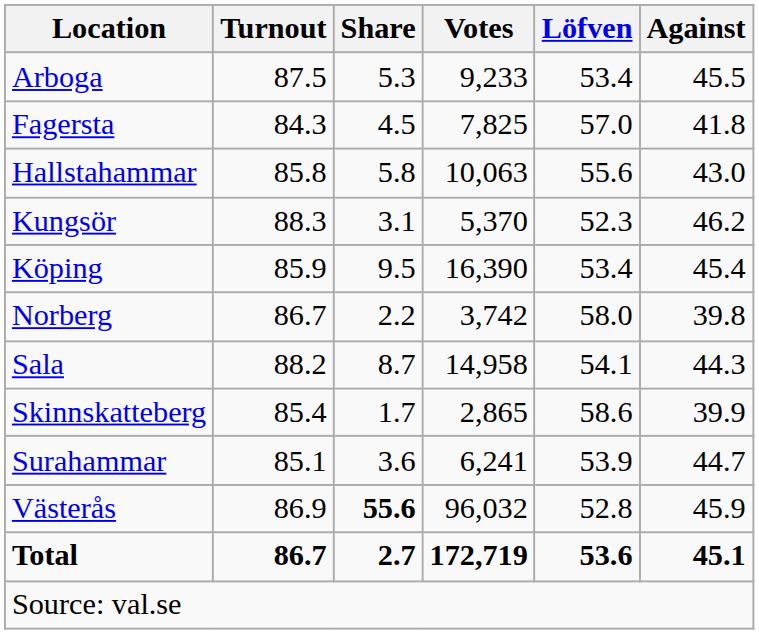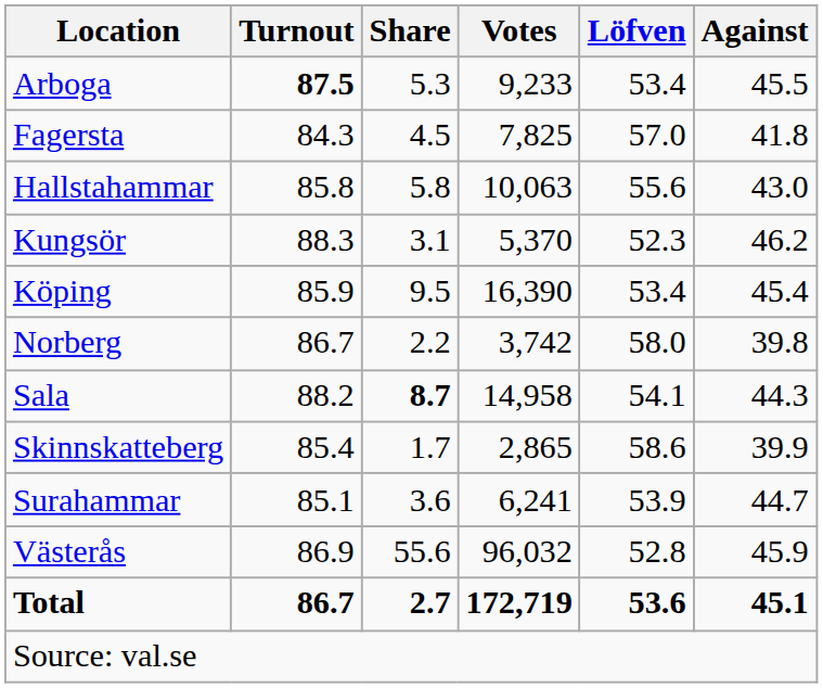 <table class="wikitable sortable" style=text-align:right>
 <tr>
 <th>Location</th>
 <th>Turnout</th>
 <th>Share</th>
 <th>Votes</th>
 <th><a href='#'>Löfven</a></th>
 <th>Against</th>
 </tr>
 <tr>
 <td align=left><a href='#'>Arboga</a></td>
-<td>87.5</td>
+<td><strong>87.5</strong></td>
 <td>5.3</td>
 <td>9,233</td>
 <td>53.4</td>
 <td>45.5</td>
 </tr>
 <tr>
 <td align=left><a href='#'>Fagersta</a></td>
 <td>84.3</td>
 <td>4.5</td>
 <td>7,825</td>
 <td>57.0</td>
 <td>41.8</td>
 </tr>
 <tr>
 <td align=left><a href='#'>Hallstahammar</a></td>
 <td>85.8</td>
 <td>5.8</td>
 <td>10,063</td>
 <td>55.6</td>
 <td>43.0</td>
 </tr>
 <tr>
 <td align=left><a href='#'>Kungsör</a></td>
 <td>88.3</td>
 <td>3.1</td>
 <td>5,370</td>
 <td>52.3</td>
 <td>46.2</td>
 </tr>
 <tr>
 <td align=left><a href='#'>Köping</a></td>
 <td>85.9</td>
 <td>9.5</td>
 <td>16,390</td>
 <td>53.4</td>
 <td>45.4</td>
 </tr>
 <tr>
 <td align=left><a href='#'>Norberg</a></td>
 <td>86.7</td>
 <td>2.2</td>
 <td>3,742</td>
 <td>58.0</td>
 <td>39.8</td>
 </tr>
 <tr>
 <td align=left><a href='#'>Sala</a></td>
 <td>88.2</td>
-<td>8.7</td>
+<td><strong>8.7</strong></td>
 <td>14,958</td>
 <td>54.1</td>
 <td>44.3</td>
 </tr>
 <tr>
 <td align=left><a href='#'>Skinnskatteberg</a></td>
 <td>85.4</td>
 <td>1.7</td>
 <td>2,865</td>
 <td>58.6</td>
 <td>39.9</td>
 </tr>
 <tr>
 <td align=left><a href='#'>Surahammar</a></td>
 <td>85.1</td>
 <td>3.6</td>
 <td>6,241</td>
 <td>53.9</td>
 <td>44.7</td>
 </tr>
 <tr>
 <td align=left><a href='#'>Västerås</a></td>
 <td>86.9</td>
-<td><strong>55.6</strong></td>
+<td>55.6</td>
 <td>96,032</td>
 <td>52.8</td>
 <td>45.9</td>
 </tr>
 <tr>
 <td align=left><strong>Total</strong></td>
 <td><strong>86.7</strong></td>
 <td><strong>2.7</strong></td>
 <td><strong>172,719</strong></td>
 <td><strong>53.6</strong></td>
 <td><strong>45.1</strong></td>
 </tr>
 <tr>
 <td align=left colspan=6>Source: val.se</td>
 </tr>
 </table>
